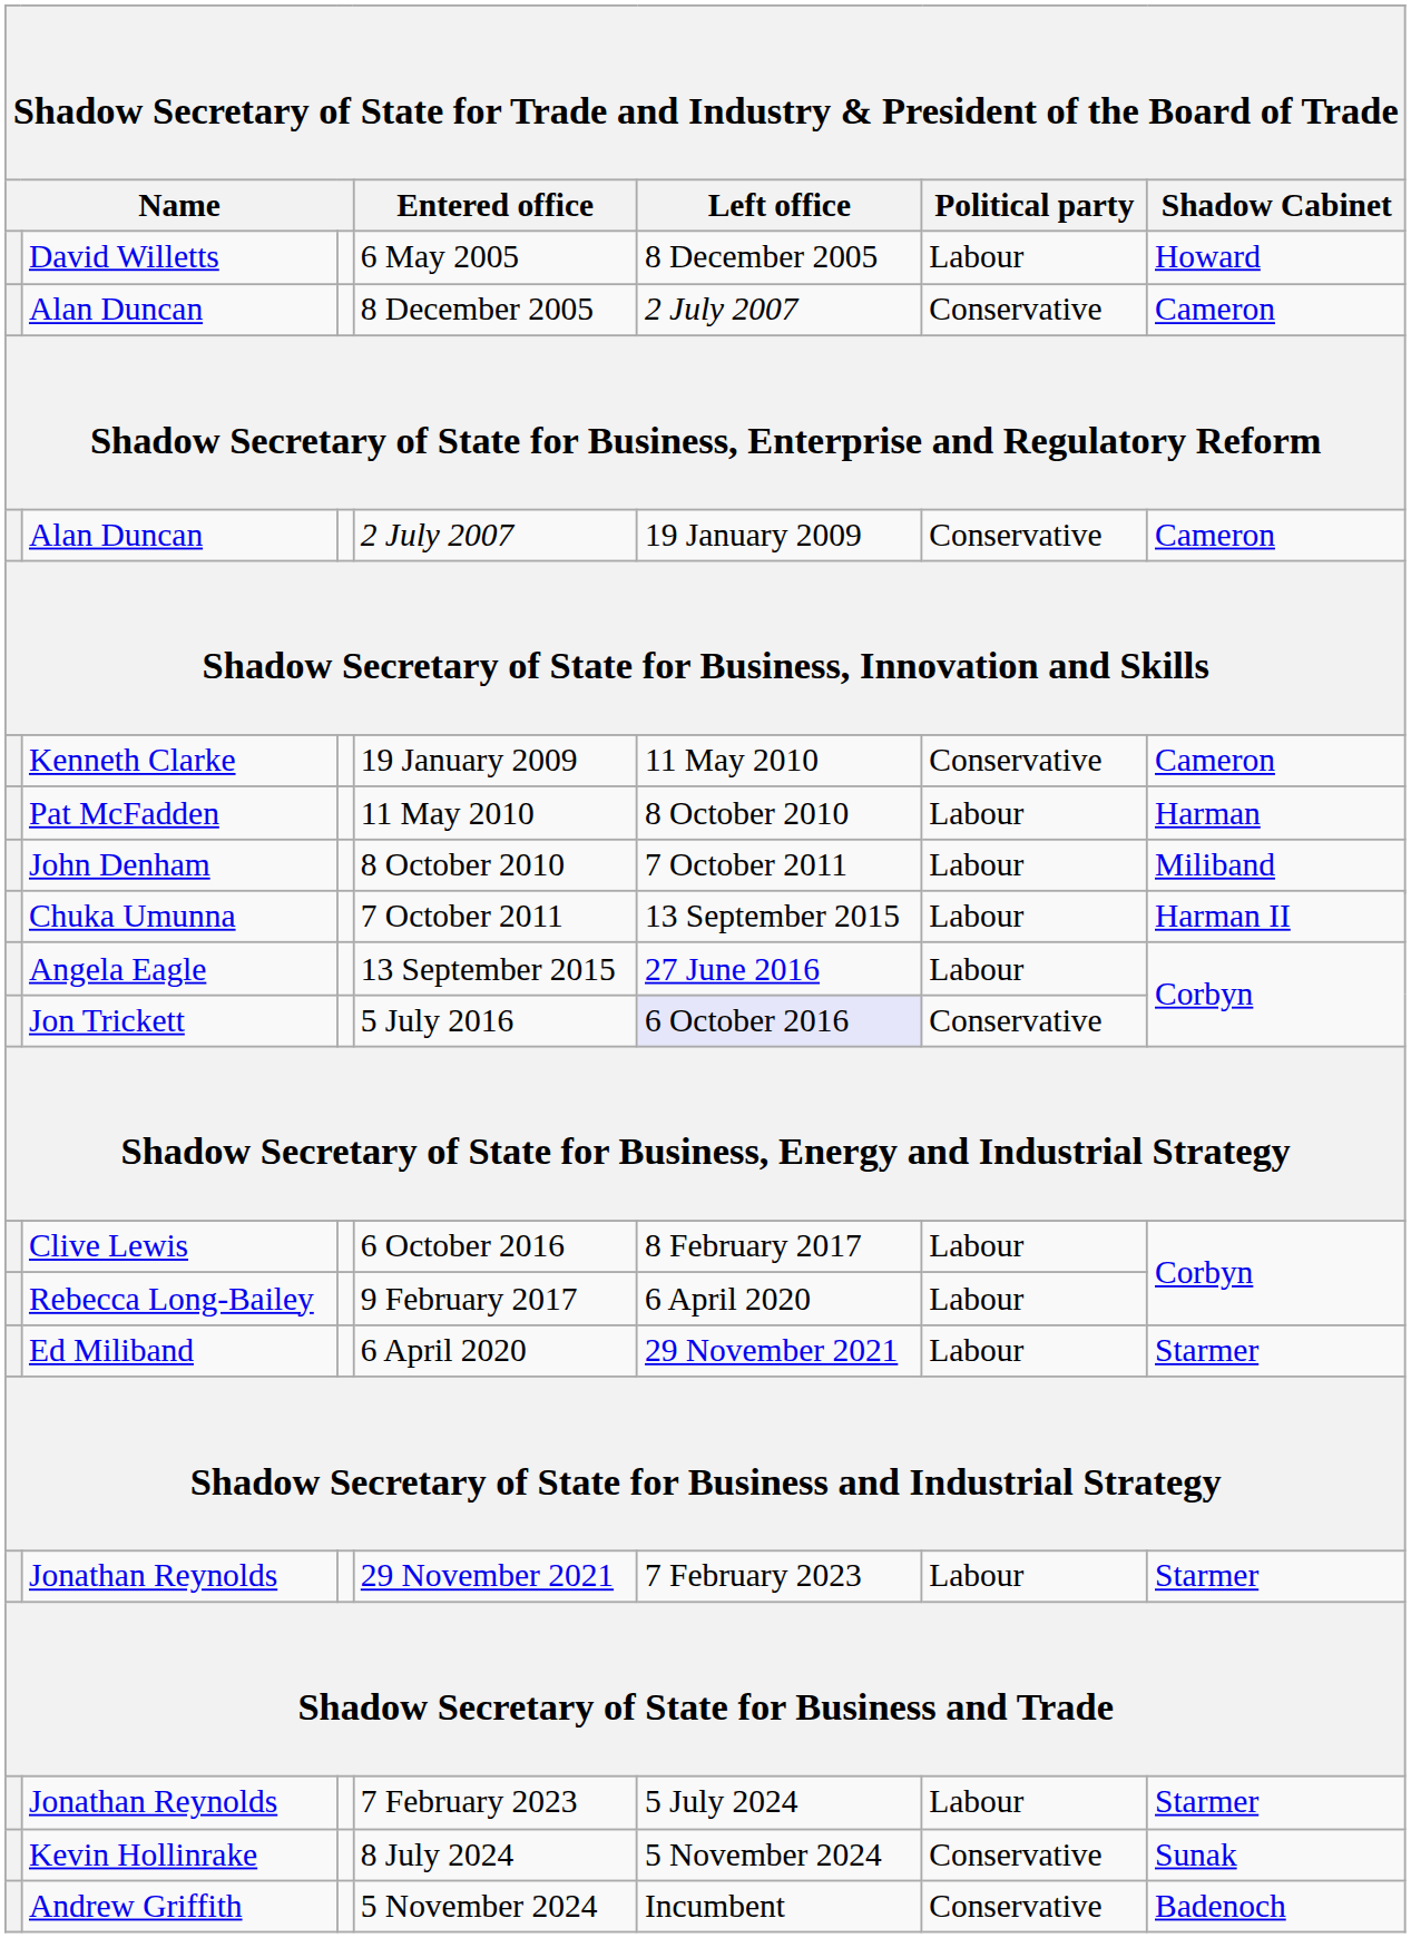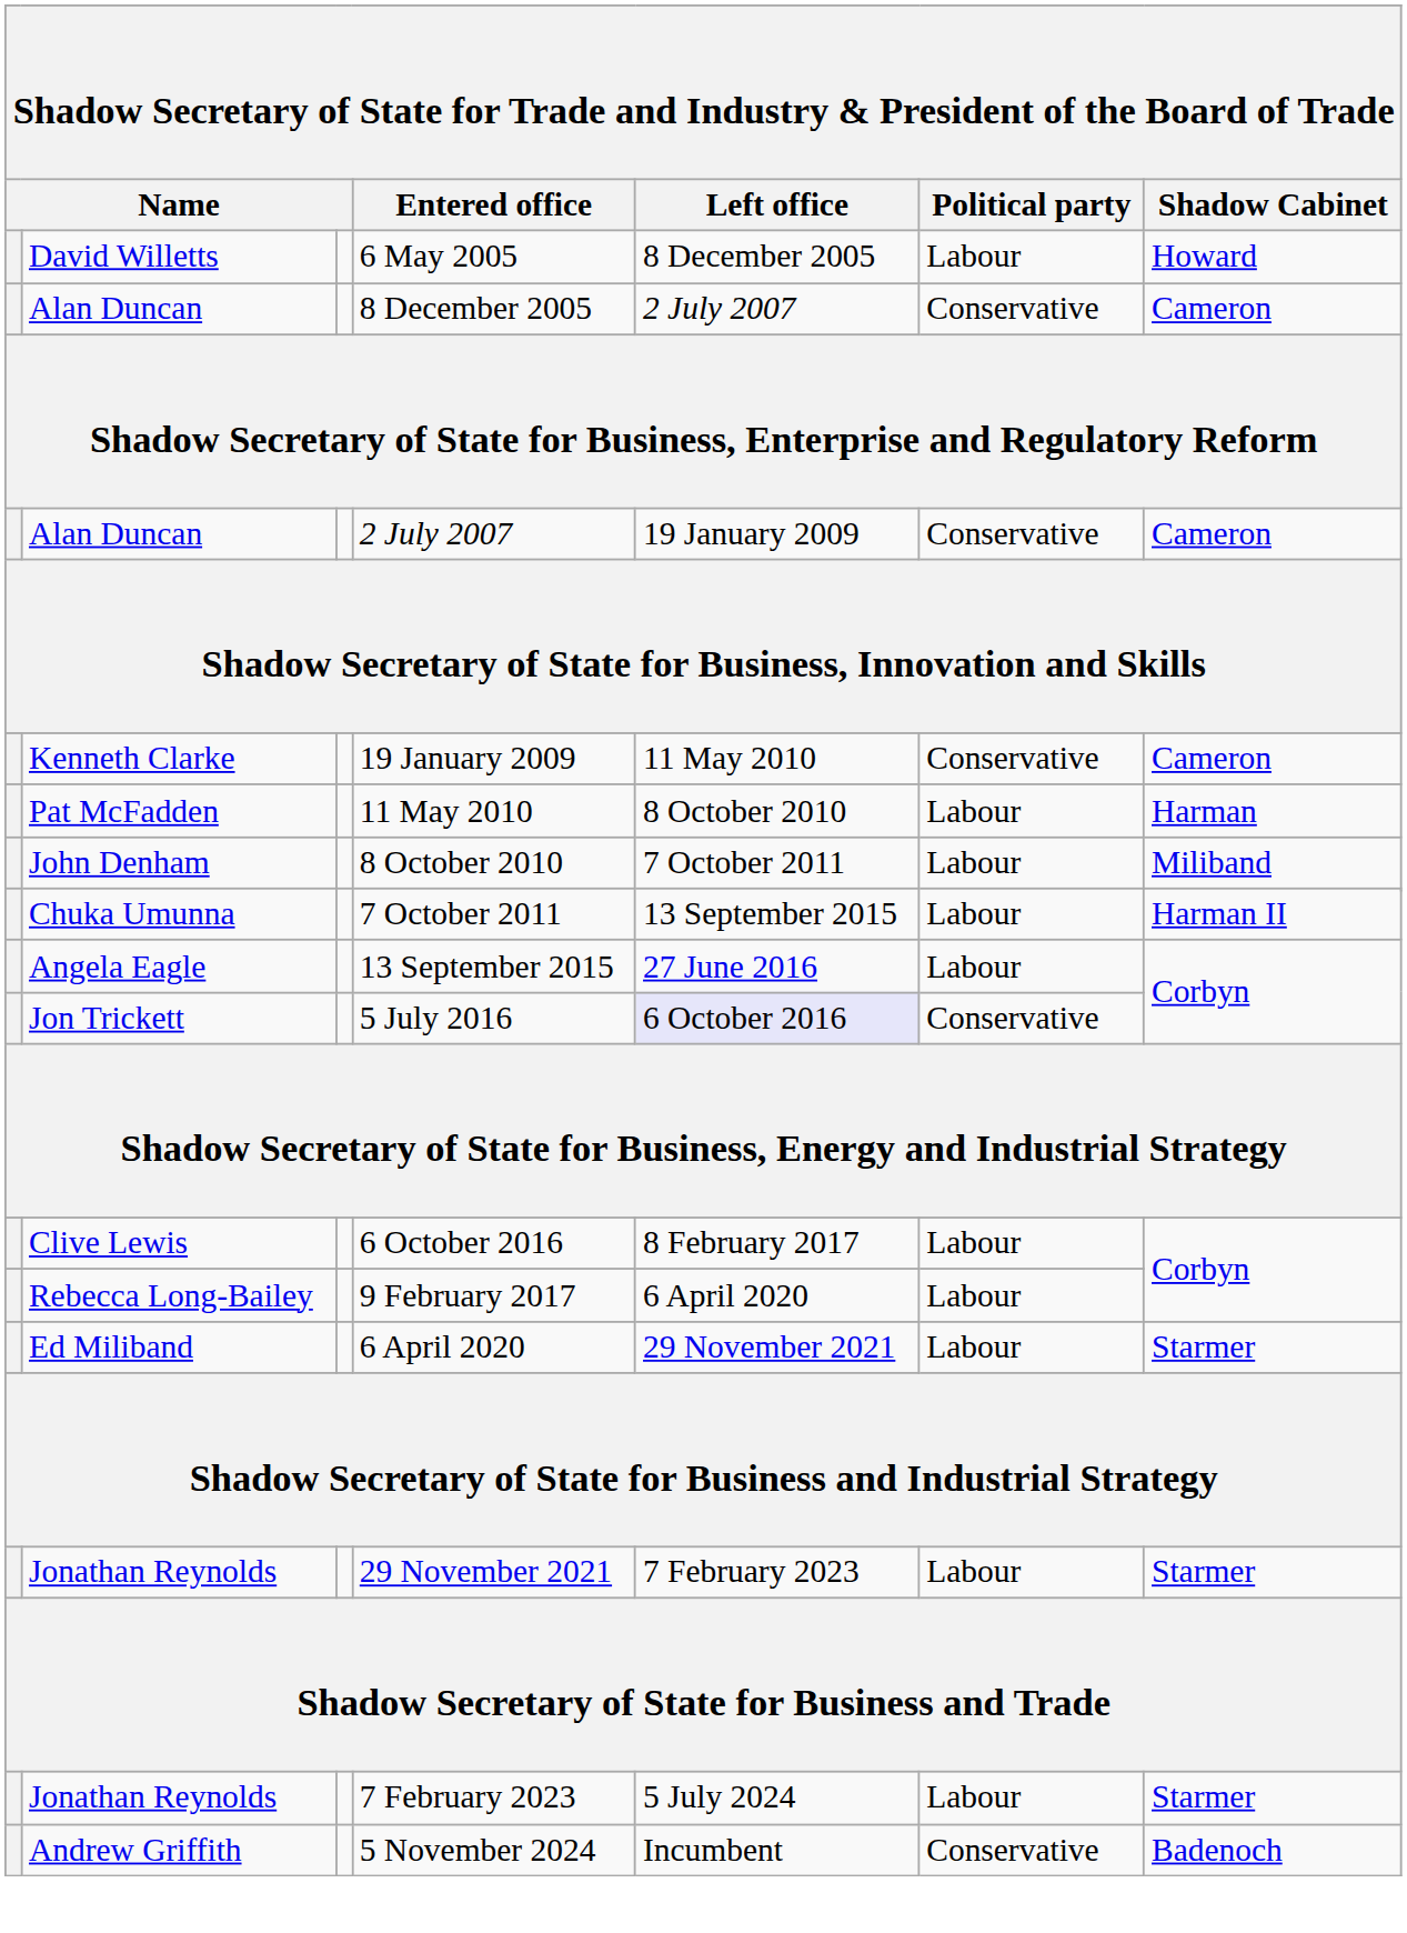 <table class="wikitable">
 <tr>
 <th colspan=7><br><h3>Shadow Secretary of State for Trade and Industry & President of the Board of Trade</h3></th>
 </tr>
 <tr>
 <th colspan=3>Name</th>
 <th>Entered office</th>
 <th>Left office</th>
 <th>Political party</th>
 <th>Shadow Cabinet</th>
 </tr>
 <tr>
 <th style="background-color: "></th>
 <td><a href='#'>David Willetts</a></td>
 <td></td>
 <td>6 May 2005</td>
 <td>8 December 2005</td>
 <td>Labour</td>
 <td><a href='#'>Howard</a></td>
 </tr>
 <tr>
 <th style="background-color: "></th>
 <td><a href='#'>Alan Duncan</a></td>
 <td></td>
 <td>8 December 2005</td>
 <td><em>2 July 2007</em></td>
 <td>Conservative</td>
 <td><a href='#'>Cameron</a></td>
 </tr>
 <tr>
 <th colspan=7><br><h3>Shadow Secretary of State for Business, Enterprise and Regulatory Reform</h3></th>
 </tr>
 <tr>
 <th style="background-color: "></th>
 <td><a href='#'>Alan Duncan</a></td>
 <td></td>
 <td><em>2 July 2007</em></td>
 <td>19 January 2009</td>
 <td>Conservative</td>
 <td><a href='#'>Cameron</a></td>
 </tr>
 <tr>
 <th colspan=7><br><h3>Shadow Secretary of State for Business, Innovation and Skills</h3></th>
 </tr>
 <tr>
 <th style="background-color: "></th>
 <td><a href='#'>Kenneth Clarke</a></td>
 <td></td>
 <td>19 January 2009</td>
 <td>11 May 2010</td>
 <td>Conservative</td>
 <td><a href='#'>Cameron</a></td>
 </tr>
 <tr>
 <th style="background-color: "></th>
 <td><a href='#'>Pat McFadden</a></td>
 <td></td>
 <td>11 May 2010</td>
 <td>8 October 2010</td>
 <td>Labour</td>
 <td><a href='#'>Harman</a></td>
 </tr>
 <tr>
 <th style="background-color: "></th>
 <td><a href='#'>John Denham</a></td>
 <td></td>
 <td>8 October 2010</td>
 <td>7 October 2011</td>
 <td>Labour</td>
 <td rowspan=2 ><a href='#'>Miliband</a></td>
 </tr>
 <tr>
 <th rowspan=2 style="background-color: "></th>
 <td rowspan=2><a href='#'>Chuka Umunna</a></td>
 <td rowspan=2></td>
 <td rowspan=2>7 October 2011</td>
 <td rowspan=2>13 September 2015</td>
 <td rowspan=2>Labour</td>
 </tr>
 <tr>
 <td><a href='#'>Harman II</a></td>
 </tr>
 <tr>
 <th style="background-color: "></th>
 <td><a href='#'>Angela Eagle</a></td>
 <td></td>
 <td>13 September 2015</td>
 <td><a href='#'>27 June 2016</a></td>
 <td>Labour</td>
 <td rowspan=2 ><a href='#'>Corbyn</a></td>
 </tr>
 <tr>
 <th style="background-color: "></th>
 <td><a href='#'>Jon Trickett</a></td>
 <td></td>
 <td>5 July 2016</td>
 <td style="background: lavender;">6 October 2016</td>
 <td>Conservative</td>
 </tr>
 <tr>
 <th colspan=7><br><h3>Shadow Secretary of State for Business, Energy and Industrial Strategy</h3></th>
 </tr>
 <tr>
 <th style="background-color: "></th>
 <td><a href='#'>Clive Lewis</a></td>
 <td></td>
 <td>6 October 2016</td>
 <td>8 February 2017</td>
 <td>Labour</td>
 <td rowspan="2" ><a href='#'>Corbyn</a></td>
 </tr>
 <tr>
 <th style="background-color: "></th>
 <td><a href='#'>Rebecca Long-Bailey</a></td>
 <td></td>
 <td>9 February 2017</td>
 <td>6 April 2020</td>
 <td>Labour</td>
 </tr>
 <tr>
 <th style="background-color: "></th>
 <td><a href='#'>Ed Miliband</a></td>
 <td></td>
 <td>6 April 2020</td>
 <td><a href='#'>29 November 2021</a></td>
 <td>Labour</td>
 <td><a href='#'>Starmer</a></td>
 </tr>
 <tr>
 <th colspan=7><br><h3>Shadow Secretary of State for Business and Industrial Strategy</h3></th>
 </tr>
 <tr>
 <th style="background-color: "></th>
 <td><a href='#'>Jonathan Reynolds</a></td>
 <td></td>
 <td><a href='#'>29 November 2021</a></td>
 <td>7 February 2023</td>
 <td>Labour</td>
 <td><a href='#'>Starmer</a></td>
 </tr>
 <tr>
 <th colspan="7"><br><h3>Shadow Secretary of State for Business and Trade</h3></th>
 </tr>
 <tr>
 <th style="background-color: "></th>
 <td><a href='#'>Jonathan Reynolds</a></td>
 <td></td>
 <td>7 February 2023</td>
 <td>5 July 2024</td>
 <td>Labour</td>
 <td><a href='#'>Starmer</a></td>
 </tr>
 <tr>
 <th style="background-color: "></th>
-<td><a href='#'>Kevin Hollinrake</a></td>
-<td></td>
-<td>8 July 2024</td>
-<td>5 November 2024</td>
-<td>Conservative</td>
-<td><a href='#'>Sunak</a></td>
-</tr>
-<tr>
-<th style="background-color: "></th>
 <td><a href='#'>Andrew Griffith</a></td>
 <td></td>
 <td>5 November 2024</td>
 <td>Incumbent</td>
 <td>Conservative</td>
 <td><a href='#'>Badenoch</a></td>
 </tr>
 </table>
